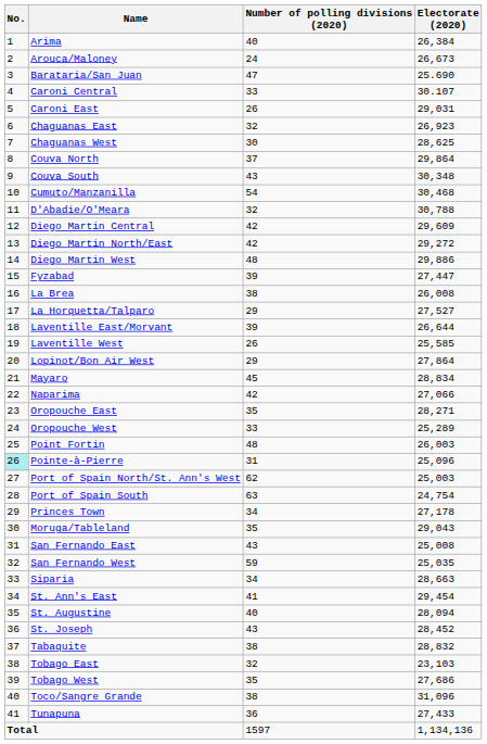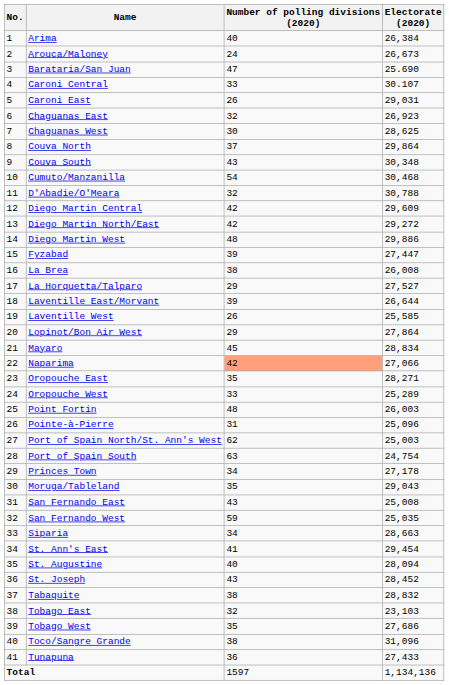 <table class="wikitable sortable">
 <tr>
 <th scope=col>No.</th>
 <th scope=col>Name</th>
 <th scope=col>Number of polling divisions<br>(2020)</th>
 <th scope=col>Electorate<br>(2020)</th>
 </tr>
 <tr>
 <td>1</td>
 <td><a href='#'>Arima</a></td>
 <td>40</td>
 <td>26,384</td>
 </tr>
 <tr>
 <td>2</td>
 <td><a href='#'>Arouca/Maloney</a></td>
 <td>24</td>
 <td>26,673</td>
 </tr>
 <tr>
 <td>3</td>
 <td><a href='#'>Barataria/San Juan</a></td>
 <td>47</td>
 <td>25.690</td>
 </tr>
 <tr>
 <td>4</td>
 <td><a href='#'>Caroni Central</a></td>
 <td>33</td>
 <td>30.107</td>
 </tr>
 <tr>
 <td>5</td>
 <td><a href='#'>Caroni East</a></td>
 <td>26</td>
 <td>29,031</td>
 </tr>
 <tr>
 <td>6</td>
 <td><a href='#'>Chaguanas East</a></td>
 <td>32</td>
 <td>26,923</td>
 </tr>
 <tr>
 <td>7</td>
 <td><a href='#'>Chaguanas West</a></td>
 <td>30</td>
 <td>28,625</td>
 </tr>
 <tr>
 <td>8</td>
 <td><a href='#'>Couva North</a></td>
 <td>37</td>
 <td>29,864</td>
 </tr>
 <tr>
 <td>9</td>
 <td><a href='#'>Couva South</a></td>
 <td>43</td>
 <td>30,348</td>
 </tr>
 <tr>
 <td>10</td>
 <td><a href='#'>Cumuto/Manzanilla</a></td>
 <td>54</td>
 <td>30,468</td>
 </tr>
 <tr>
 <td>11</td>
 <td><a href='#'>D'Abadie/O'Meara</a></td>
 <td>32</td>
 <td>30,788</td>
 </tr>
 <tr>
 <td>12</td>
 <td><a href='#'>Diego Martin Central</a></td>
 <td>42</td>
 <td>29,609</td>
 </tr>
 <tr>
 <td>13</td>
 <td><a href='#'>Diego Martin North/East</a></td>
 <td>42</td>
 <td>29,272</td>
 </tr>
 <tr>
 <td>14</td>
 <td><a href='#'>Diego Martin West</a></td>
 <td>48</td>
 <td>29,886</td>
 </tr>
 <tr>
 <td>15</td>
 <td><a href='#'>Fyzabad</a></td>
 <td>39</td>
 <td>27,447</td>
 </tr>
 <tr>
 <td>16</td>
 <td><a href='#'>La Brea</a></td>
 <td>38</td>
 <td>26,008</td>
 </tr>
 <tr>
 <td>17</td>
 <td><a href='#'>La Horquetta/Talparo</a></td>
 <td>29</td>
 <td>27,527</td>
 </tr>
 <tr>
 <td>18</td>
 <td><a href='#'>Laventille East/Morvant</a></td>
 <td>39</td>
 <td>26,644</td>
 </tr>
 <tr>
 <td>19</td>
 <td><a href='#'>Laventille West</a></td>
 <td>26</td>
 <td>25,585</td>
 </tr>
 <tr>
 <td>20</td>
 <td><a href='#'>Lopinot/Bon Air West</a></td>
 <td>29</td>
 <td>27,864</td>
 </tr>
 <tr>
 <td>21</td>
 <td><a href='#'>Mayaro</a></td>
 <td>45</td>
 <td>28,834</td>
 </tr>
 <tr>
 <td>22</td>
 <td><a href='#'>Naparima</a></td>
-<td>42</td>
+<td style="background: lightsalmon;">42</td>
 <td>27,066</td>
 </tr>
 <tr>
 <td>23</td>
 <td><a href='#'>Oropouche East</a></td>
 <td>35</td>
 <td>28,271</td>
 </tr>
 <tr>
 <td>24</td>
 <td><a href='#'>Oropouche West</a></td>
 <td>33</td>
 <td>25,289</td>
 </tr>
 <tr>
 <td>25</td>
 <td><a href='#'>Point Fortin</a></td>
 <td>48</td>
 <td>26,003</td>
 </tr>
 <tr>
-<td style="background: paleturquoise;">26</td>
+<td>26</td>
 <td><a href='#'>Pointe-à-Pierre</a></td>
 <td>31</td>
 <td>25,096</td>
 </tr>
 <tr>
 <td>27</td>
 <td><a href='#'>Port of Spain North/St. Ann's West</a></td>
 <td>62</td>
 <td>25,003</td>
 </tr>
 <tr>
 <td>28</td>
 <td><a href='#'>Port of Spain South</a></td>
 <td>63</td>
 <td>24,754</td>
 </tr>
 <tr>
 <td>29</td>
 <td><a href='#'>Princes Town</a></td>
 <td>34</td>
 <td>27,178</td>
 </tr>
 <tr>
 <td>30</td>
 <td><a href='#'>Moruga/Tableland</a></td>
 <td>35</td>
 <td>29,043</td>
 </tr>
 <tr>
 <td>31</td>
 <td><a href='#'>San Fernando East</a></td>
 <td>43</td>
 <td>25,008</td>
 </tr>
 <tr>
 <td>32</td>
 <td><a href='#'>San Fernando West</a></td>
 <td>59</td>
 <td>25,035</td>
 </tr>
 <tr>
 <td>33</td>
 <td><a href='#'>Siparia</a></td>
 <td>34</td>
 <td>28,663</td>
 </tr>
 <tr>
 <td>34</td>
 <td><a href='#'>St. Ann's East</a></td>
 <td>41</td>
 <td>29,454</td>
 </tr>
 <tr>
 <td>35</td>
 <td><a href='#'>St. Augustine</a></td>
 <td>40</td>
 <td>28,094</td>
 </tr>
 <tr>
 <td>36</td>
 <td><a href='#'>St. Joseph</a></td>
 <td>43</td>
 <td>28,452</td>
 </tr>
 <tr>
 <td>37</td>
 <td><a href='#'>Tabaquite</a></td>
 <td>38</td>
 <td>28,832</td>
 </tr>
 <tr>
 <td>38</td>
 <td><a href='#'>Tobago East</a></td>
 <td>32</td>
 <td>23,103</td>
 </tr>
 <tr>
 <td>39</td>
 <td><a href='#'>Tobago West</a></td>
 <td>35</td>
 <td>27,686</td>
 </tr>
 <tr>
 <td>40</td>
 <td><a href='#'>Toco/Sangre Grande</a></td>
 <td>38</td>
 <td>31,096</td>
 </tr>
 <tr>
 <td>41</td>
 <td><a href='#'>Tunapuna</a></td>
 <td>36</td>
 <td>27,433</td>
 </tr>
 <tr>
 <td colspan="2"><strong>Total</strong></td>
 <td>1597</td>
 <td>1,134,136</td>
 </tr>
 </table>
